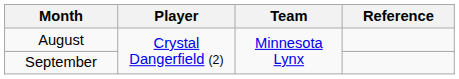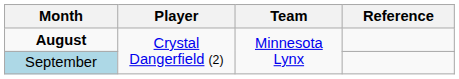 <table class="wikitable" style="width: 50%; text-align:center; font-size:90%">
 <tr>
 <th width=60>Month</th>
 <th width=60>Player</th>
 <th width=60>Team</th>
 <th width=20>Reference</th>
 </tr>
 <tr>
-<td>August</td>
+<td><strong>August</strong></td>
 <td rowspan="2"><a href='#'>Crystal Dangerfield</a> <small>(2)</small></td>
 <td rowspan="2"><a href='#'>Minnesota Lynx</a></td>
 <td></td>
 </tr>
 <tr>
-<td>September</td>
+<td style="background: lightblue;">September</td>
 <td></td>
 </tr>
 </table>
